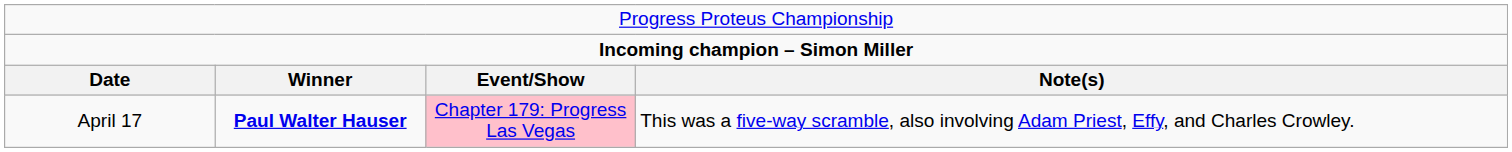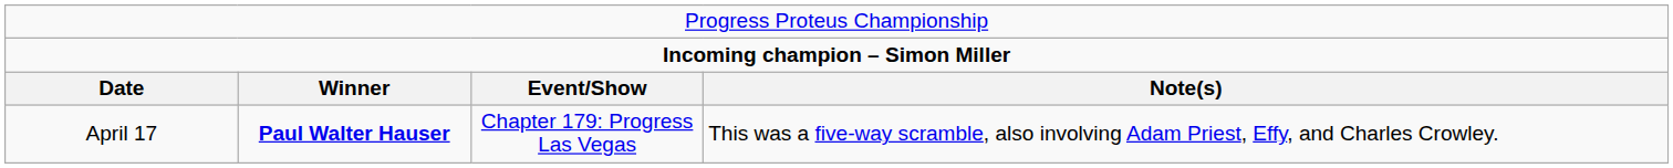 <table class="wikitable" style="text-align:center; width:100%;">
 <tr>
 <td colspan="4" style="text-align: center;"><a href='#'>Progress Proteus Championship</a></td>
 </tr>
 <tr>
 <td colspan="4" style="text-align: center;"><strong>Incoming champion – Simon Miller</strong></td>
 </tr>
 <tr>
 <th width=14%>Date</th>
 <th width=14%>Winner</th>
 <th width=14%>Event/Show</th>
 <th width=58%>Note(s)</th>
 </tr>
 <tr>
 <td>April 17</td>
 <td><strong><a href='#'>Paul Walter Hauser</a></strong></td>
-<td style="background: pink;"><a href='#'>Chapter 179: Progress Las Vegas</a></td>
+<td><a href='#'>Chapter 179: Progress Las Vegas</a></td>
 <td align=left>This was a <a href='#'>five-way scramble</a>, also involving <a href='#'>Adam Priest</a>, <a href='#'>Effy</a>, and Charles Crowley.</td>
 </tr>
 </table>
